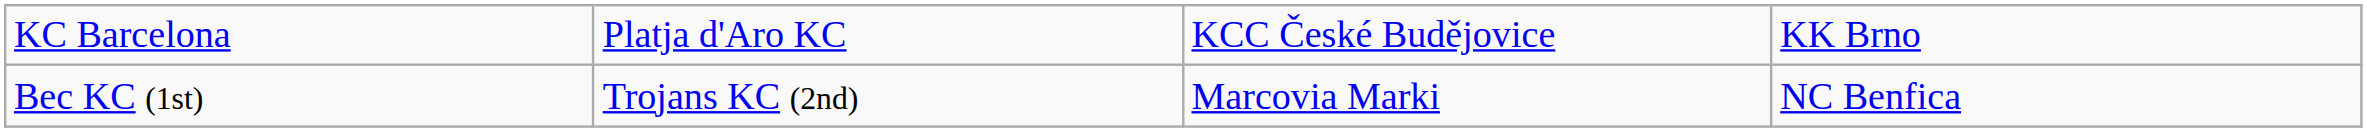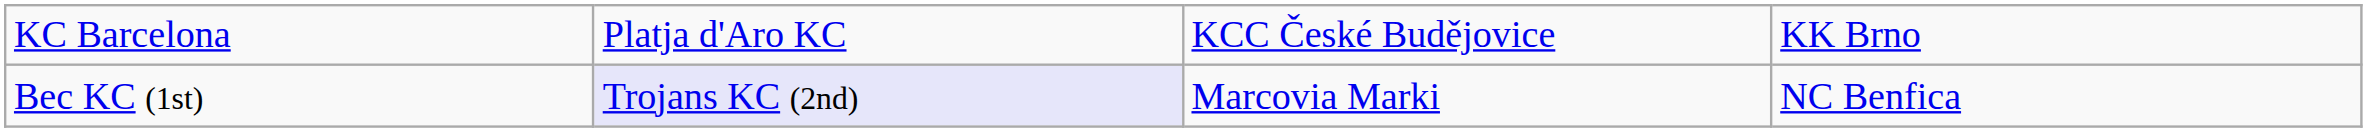 <table class="wikitable">
 <tr>
 <td width=240px> <a href='#'>KC Barcelona</a></td>
 <td width=240px> <a href='#'>Platja d'Aro KC</a></td>
 <td width=240px> <a href='#'>KCC České Budějovice</a></td>
 <td width=240px> <a href='#'>KK Brno</a></td>
 </tr>
 <tr>
 <td> <a href='#'>Bec KC</a>  <small>(1st)</small></td>
-<td> <a href='#'>Trojans KC</a>  <small>(2nd)</small></td>
+<td style="background: lavender;"> <a href='#'>Trojans KC</a>  <small>(2nd)</small></td>
 <td> <a href='#'>Marcovia Marki</a></td>
 <td> <a href='#'>NC Benfica</a></td>
 </tr>
 </table>
